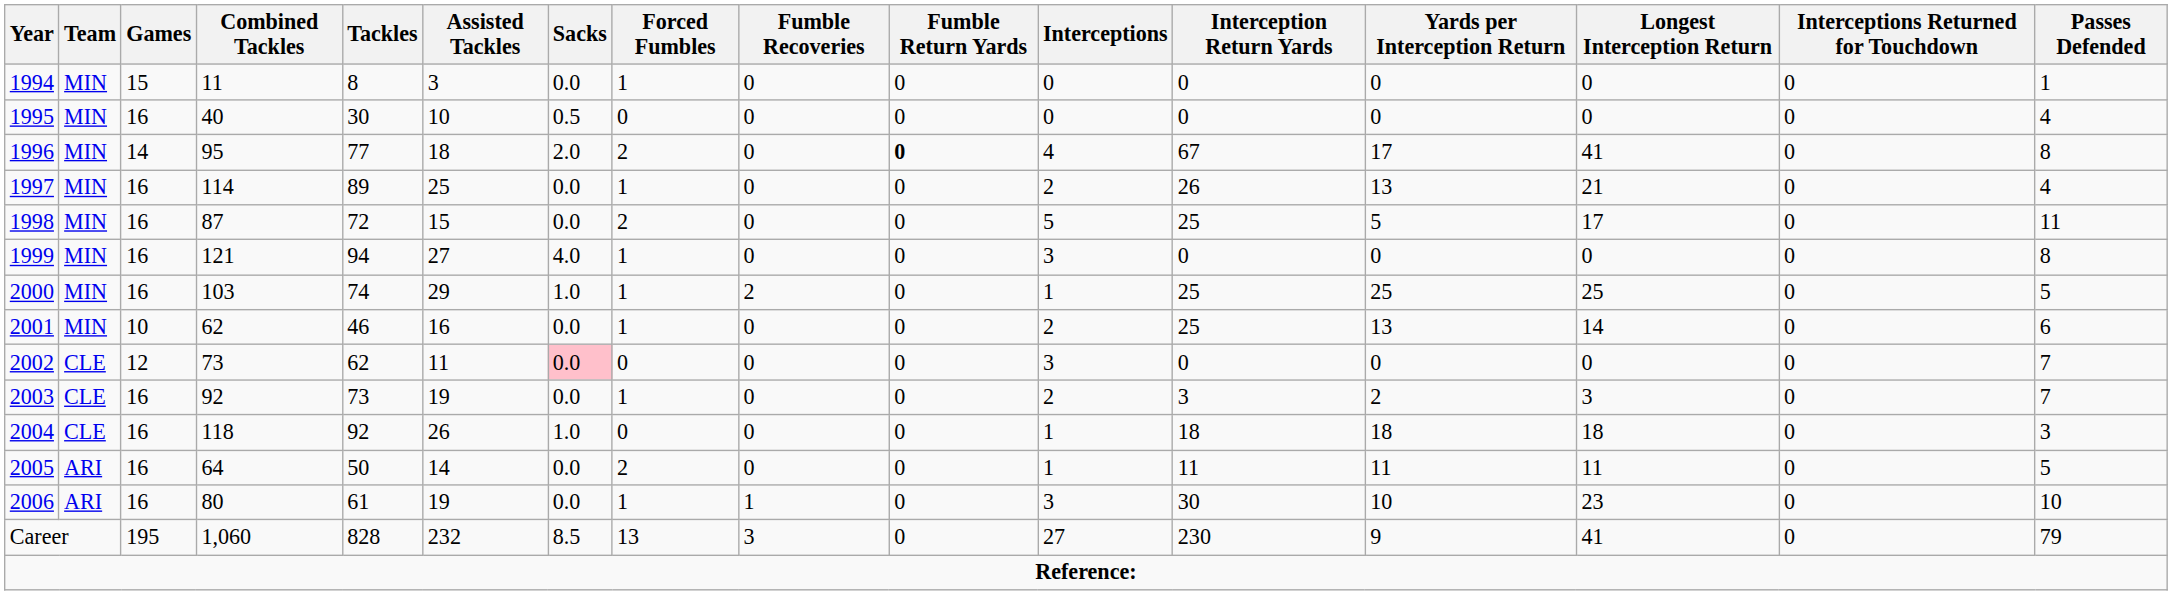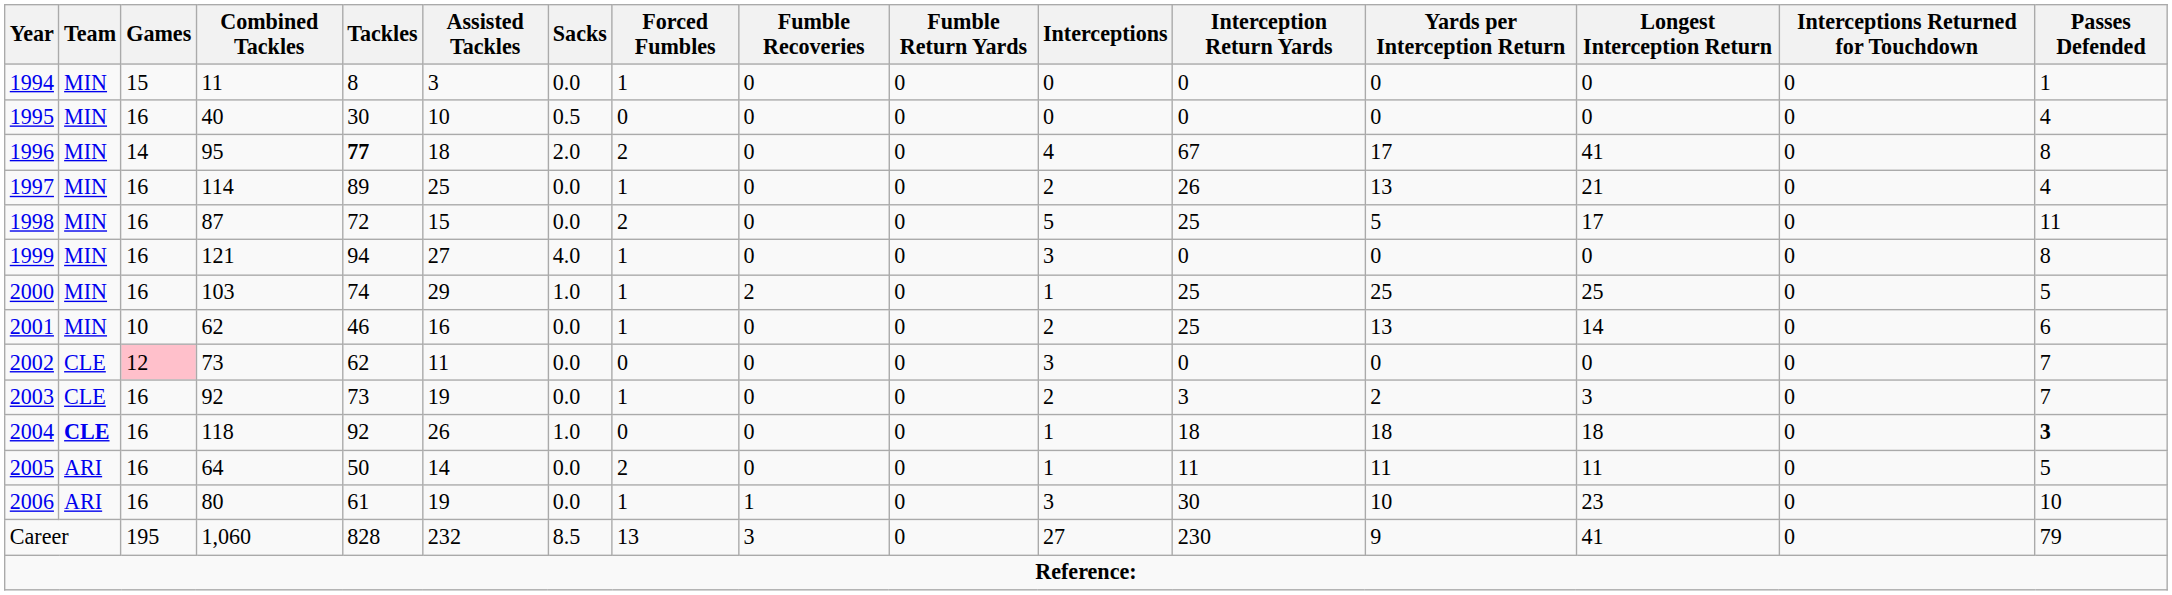 <table class="wikitable">
 <tr>
 <th>Year</th>
 <th>Team</th>
 <th>Games</th>
 <th>Combined Tackles</th>
 <th>Tackles</th>
 <th>Assisted Tackles</th>
 <th>Sacks</th>
 <th>Forced Fumbles</th>
 <th>Fumble Recoveries</th>
 <th>Fumble Return Yards</th>
 <th>Interceptions</th>
 <th>Interception Return Yards</th>
 <th>Yards per Interception Return</th>
 <th>Longest Interception Return</th>
 <th>Interceptions Returned for Touchdown</th>
 <th>Passes Defended</th>
 </tr>
 <tr>
 <td><a href='#'>1994</a></td>
 <td><a href='#'>MIN</a></td>
 <td>15</td>
 <td>11</td>
 <td>8</td>
 <td>3</td>
 <td>0.0</td>
 <td>1</td>
 <td>0</td>
 <td>0</td>
 <td>0</td>
 <td>0</td>
 <td>0</td>
 <td>0</td>
 <td>0</td>
 <td>1</td>
 </tr>
 <tr>
 <td><a href='#'>1995</a></td>
 <td><a href='#'>MIN</a></td>
 <td>16</td>
 <td>40</td>
 <td>30</td>
 <td>10</td>
 <td>0.5</td>
 <td>0</td>
 <td>0</td>
 <td>0</td>
 <td>0</td>
 <td>0</td>
 <td>0</td>
 <td>0</td>
 <td>0</td>
 <td>4</td>
 </tr>
 <tr>
 <td><a href='#'>1996</a></td>
 <td><a href='#'>MIN</a></td>
 <td>14</td>
 <td>95</td>
-<td>77</td>
+<td><strong>77</strong></td>
 <td>18</td>
 <td>2.0</td>
 <td>2</td>
 <td>0</td>
-<td><strong>0</strong></td>
+<td>0</td>
 <td>4</td>
 <td>67</td>
 <td>17</td>
 <td>41</td>
 <td>0</td>
 <td>8</td>
 </tr>
 <tr>
 <td><a href='#'>1997</a></td>
 <td><a href='#'>MIN</a></td>
 <td>16</td>
 <td>114</td>
 <td>89</td>
 <td>25</td>
 <td>0.0</td>
 <td>1</td>
 <td>0</td>
 <td>0</td>
 <td>2</td>
 <td>26</td>
 <td>13</td>
 <td>21</td>
 <td>0</td>
 <td>4</td>
 </tr>
 <tr>
 <td><a href='#'>1998</a></td>
 <td><a href='#'>MIN</a></td>
 <td>16</td>
 <td>87</td>
 <td>72</td>
 <td>15</td>
 <td>0.0</td>
 <td>2</td>
 <td>0</td>
 <td>0</td>
 <td>5</td>
 <td>25</td>
 <td>5</td>
 <td>17</td>
 <td>0</td>
 <td>11</td>
 </tr>
 <tr>
 <td><a href='#'>1999</a></td>
 <td><a href='#'>MIN</a></td>
 <td>16</td>
 <td>121</td>
 <td>94</td>
 <td>27</td>
 <td>4.0</td>
 <td>1</td>
 <td>0</td>
 <td>0</td>
 <td>3</td>
 <td>0</td>
 <td>0</td>
 <td>0</td>
 <td>0</td>
 <td>8</td>
 </tr>
 <tr>
 <td><a href='#'>2000</a></td>
 <td><a href='#'>MIN</a></td>
 <td>16</td>
 <td>103</td>
 <td>74</td>
 <td>29</td>
 <td>1.0</td>
 <td>1</td>
 <td>2</td>
 <td>0</td>
 <td>1</td>
 <td>25</td>
 <td>25</td>
 <td>25</td>
 <td>0</td>
 <td>5</td>
 </tr>
 <tr>
 <td><a href='#'>2001</a></td>
 <td><a href='#'>MIN</a></td>
 <td>10</td>
 <td>62</td>
 <td>46</td>
 <td>16</td>
 <td>0.0</td>
 <td>1</td>
 <td>0</td>
 <td>0</td>
 <td>2</td>
 <td>25</td>
 <td>13</td>
 <td>14</td>
 <td>0</td>
 <td>6</td>
 </tr>
 <tr>
 <td><a href='#'>2002</a></td>
 <td><a href='#'>CLE</a></td>
-<td>12</td>
+<td style="background: pink;">12</td>
 <td>73</td>
 <td>62</td>
 <td>11</td>
-<td style="background: pink;">0.0</td>
+<td>0.0</td>
 <td>0</td>
 <td>0</td>
 <td>0</td>
 <td>3</td>
 <td>0</td>
 <td>0</td>
 <td>0</td>
 <td>0</td>
 <td>7</td>
 </tr>
 <tr>
 <td><a href='#'>2003</a></td>
 <td><a href='#'>CLE</a></td>
 <td>16</td>
 <td>92</td>
 <td>73</td>
 <td>19</td>
 <td>0.0</td>
 <td>1</td>
 <td>0</td>
 <td>0</td>
 <td>2</td>
 <td>3</td>
 <td>2</td>
 <td>3</td>
 <td>0</td>
 <td>7</td>
 </tr>
 <tr>
 <td><a href='#'>2004</a></td>
-<td><a href='#'>CLE</a></td>
+<td><strong><a href='#'>CLE</a></strong></td>
 <td>16</td>
 <td>118</td>
 <td>92</td>
 <td>26</td>
 <td>1.0</td>
 <td>0</td>
 <td>0</td>
 <td>0</td>
 <td>1</td>
 <td>18</td>
 <td>18</td>
 <td>18</td>
 <td>0</td>
-<td>3</td>
+<td><strong>3</strong></td>
 </tr>
 <tr>
 <td><a href='#'>2005</a></td>
 <td><a href='#'>ARI</a></td>
 <td>16</td>
 <td>64</td>
 <td>50</td>
 <td>14</td>
 <td>0.0</td>
 <td>2</td>
 <td>0</td>
 <td>0</td>
 <td>1</td>
 <td>11</td>
 <td>11</td>
 <td>11</td>
 <td>0</td>
 <td>5</td>
 </tr>
 <tr>
 <td><a href='#'>2006</a></td>
 <td><a href='#'>ARI</a></td>
 <td>16</td>
 <td>80</td>
 <td>61</td>
 <td>19</td>
 <td>0.0</td>
 <td>1</td>
 <td>1</td>
 <td>0</td>
 <td>3</td>
 <td>30</td>
 <td>10</td>
 <td>23</td>
 <td>0</td>
 <td>10</td>
 </tr>
 <tr>
 <td colspan="2">Career</td>
 <td>195</td>
 <td>1,060</td>
 <td>828</td>
 <td>232</td>
 <td>8.5</td>
 <td>13</td>
 <td>3</td>
 <td>0</td>
 <td>27</td>
 <td>230</td>
 <td>9</td>
 <td>41</td>
 <td>0</td>
 <td>79</td>
 </tr>
 <tr>
 <td colspan="16" style="text-align: center;"><strong>Reference:</strong></td>
 </tr>
 </table>
